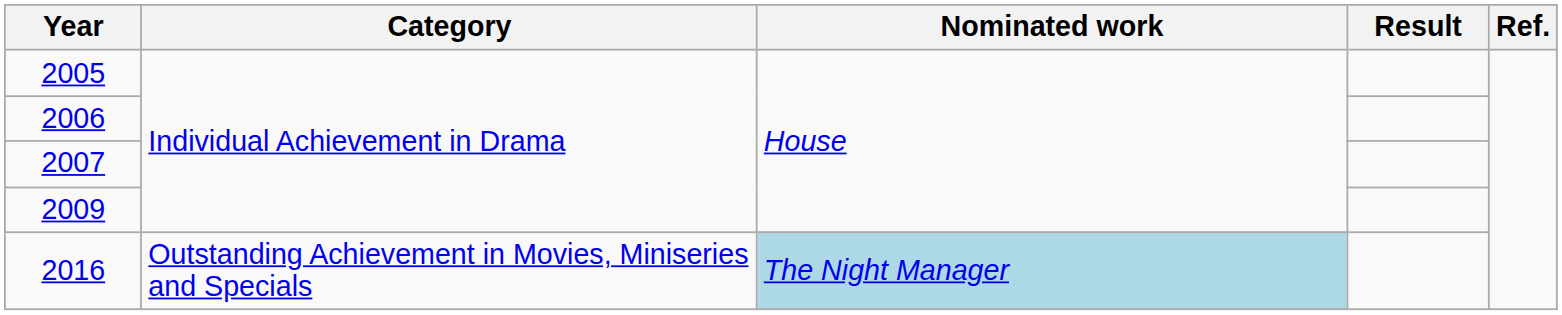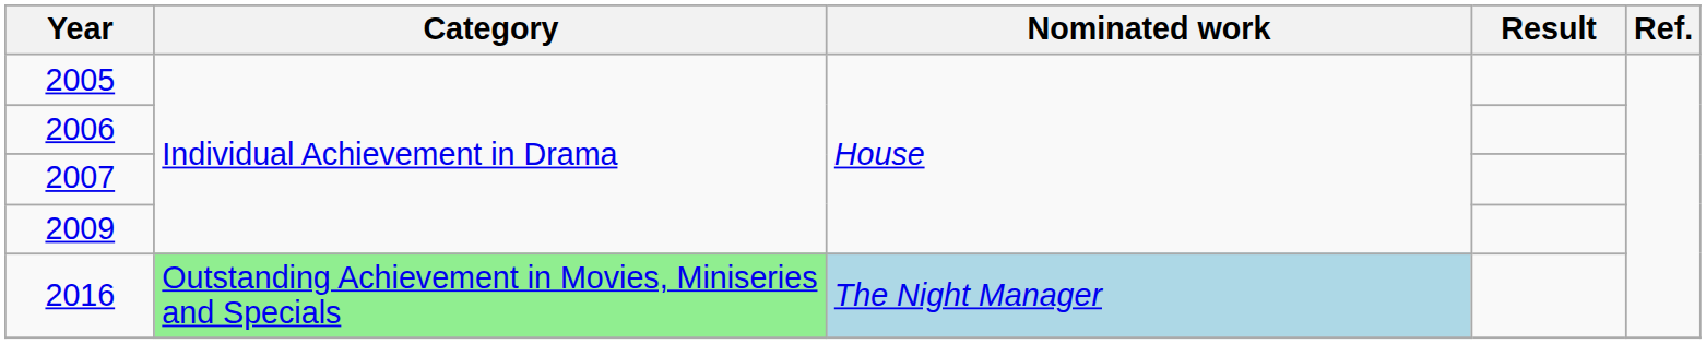 <table class=wikitable>
 <tr>
 <th scope="col" style="width:5em;">Year</th>
 <th scope="col" style="width:26em;">Category</th>
 <th scope="col" style="width:25em;">Nominated work</th>
 <th scope="col" style="width:5em;">Result</th>
 <th>Ref.</th>
 </tr>
 <tr>
 <td style="text-align:center;"><a href='#'>2005</a></td>
 <td rowspan="4"><a href='#'>Individual Achievement in Drama</a></td>
 <td rowspan="4"><em><a href='#'>House</a></em></td>
 <td></td>
 <td rowspan="5"></td>
 </tr>
 <tr>
 <td style="text-align:center;"><a href='#'>2006</a></td>
 <td></td>
 </tr>
 <tr>
 <td style="text-align:center;"><a href='#'>2007</a></td>
 <td></td>
 </tr>
 <tr>
 <td style="text-align:center;"><a href='#'>2009</a></td>
 <td></td>
 </tr>
 <tr>
 <td style="text-align:center;"><a href='#'>2016</a></td>
-<td><a href='#'>Outstanding Achievement in Movies, Miniseries and Specials</a></td>
+<td style="background: lightgreen;"><a href='#'>Outstanding Achievement in Movies, Miniseries and Specials</a></td>
 <td style="background: lightblue;"><em><a href='#'>The Night Manager</a></em></td>
 <td></td>
 </tr>
 </table>
